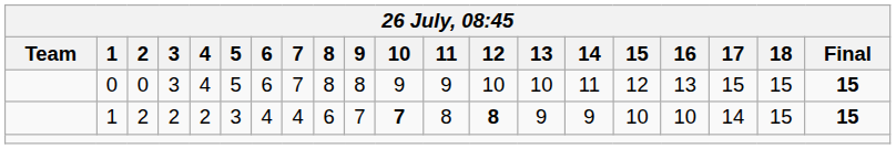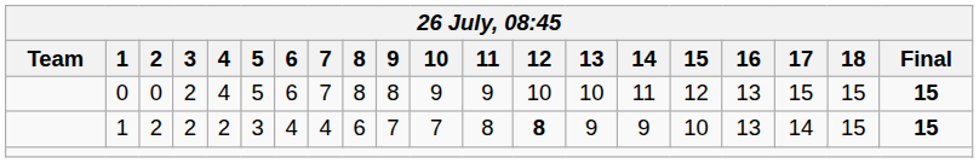 <table class=wikitable style="text-align:center; width: 55%">
 <tr>
 <th colspan=20><em>26 July, 08:45</em></th>
 </tr>
 <tr>
 <th>Team</th>
 <th>1</th>
 <th>2</th>
 <th>3</th>
 <th>4</th>
 <th>5</th>
 <th>6</th>
 <th>7</th>
 <th>8</th>
 <th>9</th>
 <th>10</th>
 <th>11</th>
 <th>12</th>
 <th>13</th>
 <th>14</th>
 <th>15</th>
 <th>16</th>
 <th>17</th>
 <th>18</th>
 <th>Final</th>
 </tr>
 <tr>
 <td align=left></td>
 <td>0</td>
 <td>0</td>
-<td>3</td>
+<td>2</td>
 <td>4</td>
 <td>5</td>
 <td>6</td>
 <td>7</td>
 <td>8</td>
 <td>8</td>
 <td>9</td>
 <td>9</td>
 <td>10</td>
 <td>10</td>
 <td>11</td>
 <td>12</td>
 <td>13</td>
 <td>15</td>
 <td>15</td>
 <td><strong>15</strong></td>
 </tr>
 <tr>
 <td align=left></td>
 <td>1</td>
 <td>2</td>
 <td>2</td>
 <td>2</td>
 <td>3</td>
 <td>4</td>
 <td>4</td>
 <td>6</td>
 <td>7</td>
-<td><strong>7</strong></td>
+<td>7</td>
 <td>8</td>
 <td><strong>8</strong></td>
 <td>9</td>
 <td>9</td>
 <td>10</td>
-<td>10</td>
+<td>13</td>
 <td>14</td>
 <td>15</td>
 <td><strong>15</strong></td>
 </tr>
 <tr>
 <td colspan=20></td>
 </tr>
 </table>
